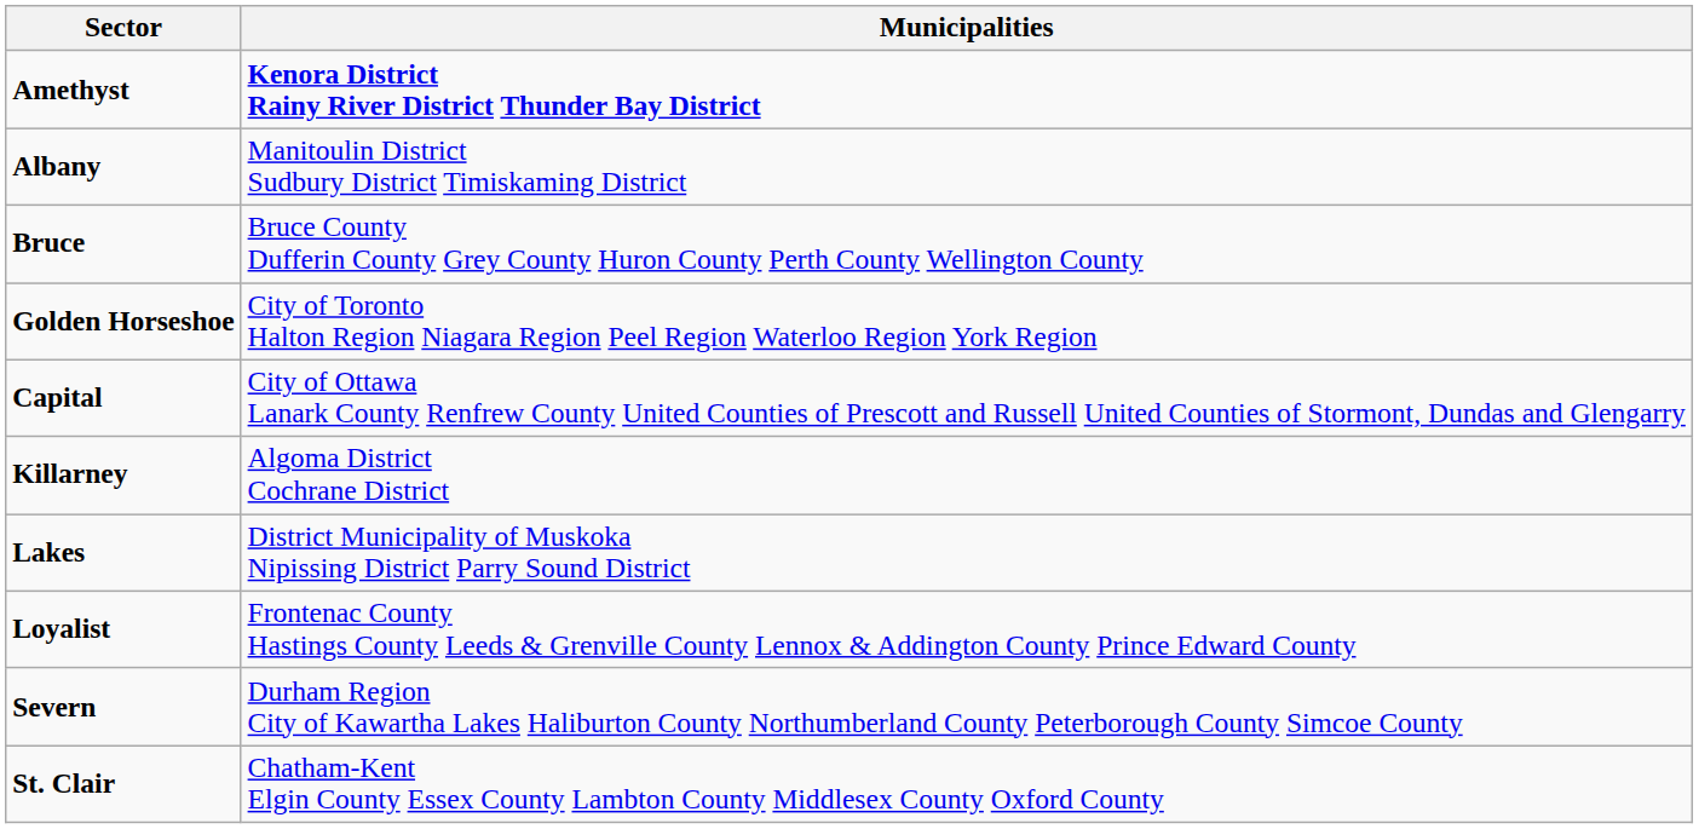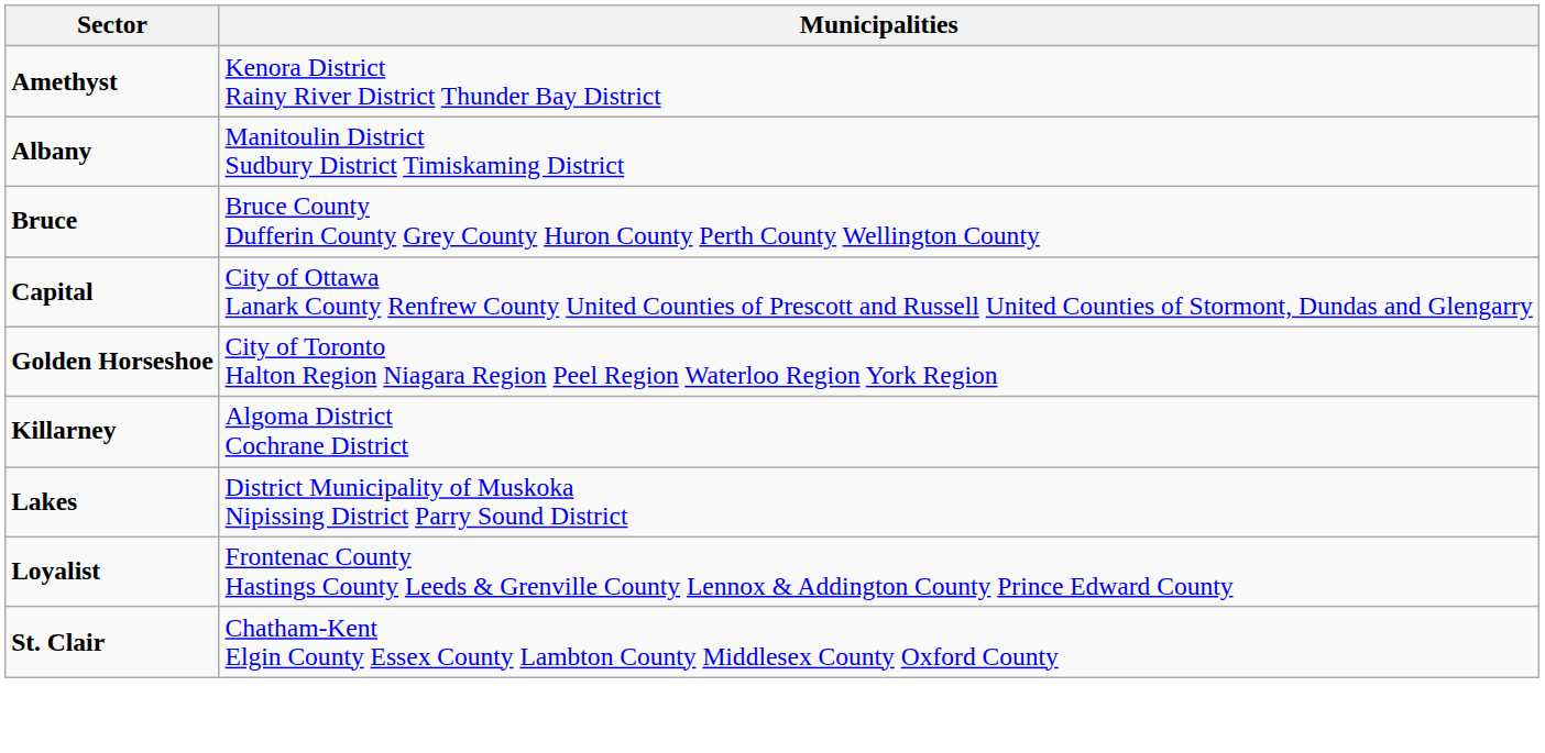 <table class="wikitable">
 <tr>
 <th>Sector</th>
 <th>Municipalities</th>
 </tr>
 <tr>
 <td><strong>Amethyst</strong></td>
-<td><strong><a href='#'>Kenora District</a><br><a href='#'>Rainy River District</a> <a href='#'>Thunder Bay District</a></strong></td>
+<td><a href='#'>Kenora District</a><br><a href='#'>Rainy River District</a> <a href='#'>Thunder Bay District</a></td>
 </tr>
 <tr>
 <td><strong>Albany</strong></td>
 <td><a href='#'>Manitoulin District</a><br><a href='#'>Sudbury District</a> <a href='#'>Timiskaming District</a></td>
 </tr>
 <tr>
 <td><strong>Bruce</strong></td>
 <td><a href='#'>Bruce County</a><br><a href='#'>Dufferin County</a> <a href='#'>Grey County</a> <a href='#'>Huron County</a> <a href='#'>Perth County</a> <a href='#'>Wellington County</a></td>
 </tr>
 <tr>
+<td><strong>Capital</strong></td>
+<td><a href='#'>City of Ottawa</a><br><a href='#'>Lanark County</a> <a href='#'>Renfrew County</a> <a href='#'>United Counties of Prescott and Russell</a> <a href='#'>United Counties of Stormont, Dundas and Glengarry</a></td>
+</tr>
+<tr>
 <td><strong>Golden Horseshoe</strong></td>
 <td><a href='#'>City of Toronto</a><br><a href='#'>Halton Region</a> <a href='#'>Niagara Region</a> <a href='#'>Peel Region</a> <a href='#'>Waterloo Region</a> <a href='#'>York Region</a></td>
-</tr>
-<tr>
-<td><strong>Capital</strong></td>
-<td><a href='#'>City of Ottawa</a><br><a href='#'>Lanark County</a> <a href='#'>Renfrew County</a> <a href='#'>United Counties of Prescott and Russell</a> <a href='#'>United Counties of Stormont, Dundas and Glengarry</a></td>
 </tr>
 <tr>
 <td><strong>Killarney</strong></td>
 <td><a href='#'>Algoma District</a><br><a href='#'>Cochrane District</a></td>
 </tr>
 <tr>
 <td><strong>Lakes</strong></td>
 <td><a href='#'>District Municipality of Muskoka</a><br><a href='#'>Nipissing District</a> <a href='#'>Parry Sound District</a></td>
 </tr>
 <tr>
 <td><strong>Loyalist</strong></td>
 <td><a href='#'>Frontenac County</a><br><a href='#'>Hastings County</a> <a href='#'>Leeds & Grenville County</a> <a href='#'>Lennox & Addington County</a> <a href='#'>Prince Edward County</a></td>
 </tr>
 <tr>
-<td><strong>Severn</strong></td>
-<td><a href='#'>Durham Region</a><br><a href='#'>City of Kawartha Lakes</a> <a href='#'>Haliburton County</a> <a href='#'>Northumberland County</a> <a href='#'>Peterborough County</a> <a href='#'>Simcoe County</a></td>
-</tr>
-<tr>
 <td><strong>St. Clair</strong></td>
 <td><a href='#'>Chatham-Kent</a><br><a href='#'>Elgin County</a> <a href='#'>Essex County</a> <a href='#'>Lambton County</a> <a href='#'>Middlesex County</a> <a href='#'>Oxford County</a></td>
 </tr>
 </table>
